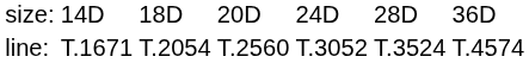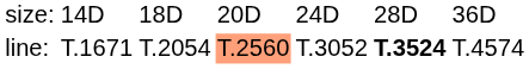 <table style="margin-left:40px;">
 <tr>
 <td>size:</td>
 <td>14D</td>
 <td>18D</td>
 <td>20D</td>
 <td>24D</td>
 <td>28D</td>
 <td>36D</td>
 </tr>
 <tr>
 <td>line:</td>
 <td>T.1671</td>
 <td>T.2054</td>
-<td>T.2560</td>
+<td style="background: lightsalmon;">T.2560</td>
 <td>T.3052</td>
-<td>T.3524</td>
+<td><strong>T.3524</strong></td>
 <td>T.4574</td>
 </tr>
 </table>
